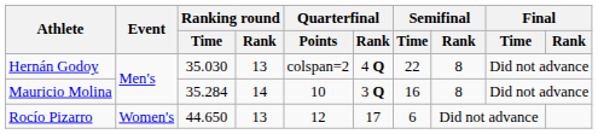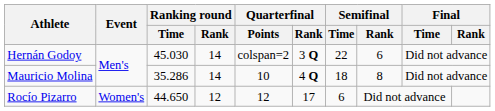 <table class=wikitable style=font-size:90%;text-align:center>
 <tr>
 <th rowspan=2>Athlete</th>
 <th rowspan=2>Event</th>
 <th colspan=2>Ranking round</th>
 <th colspan=2>Quarterfinal</th>
 <th colspan=2>Semifinal</th>
 <th colspan=2>Final</th>
 </tr>
 <tr style=font-size:95%>
 <th>Time</th>
 <th>Rank</th>
 <th>Points</th>
 <th>Rank</th>
 <th>Time</th>
 <th>Rank</th>
 <th>Time</th>
 <th>Rank</th>
 </tr>
 <tr>
 <td align=left><a href='#'>Hernán Godoy</a></td>
 <td align=left rowspan=2><a href='#'>Men's</a></td>
-<td>35.030</td>
-<td>13</td>
+<td>45.030</td>
+<td>14</td>
 <td>colspan=2 </td>
-<td>4 <strong>Q</strong></td>
+<td>3 <strong>Q</strong></td>
 <td>22</td>
-<td>8</td>
+<td>6</td>
 <td colspan=2>Did not advance</td>
 </tr>
 <tr>
 <td align=left><a href='#'>Mauricio Molina</a></td>
-<td>35.284</td>
+<td>35.286</td>
 <td>14</td>
 <td>10</td>
-<td>3 <strong>Q</strong></td>
-<td>16</td>
+<td>4 <strong>Q</strong></td>
+<td>18</td>
 <td>8</td>
 <td colspan=2>Did not advance</td>
 </tr>
 <tr>
 <td align=left><a href='#'>Rocío Pizarro</a></td>
 <td align=left rowspan=2><a href='#'>Women's</a></td>
 <td>44.650</td>
-<td>13</td>
+<td>12</td>
 <td>12</td>
 <td>17</td>
 <td>6</td>
 <td colspan=2>Did not advance</td>
 </tr>
 </table>
